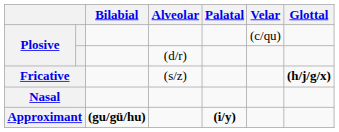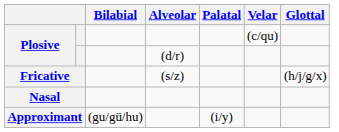 <table class="wikitable" style=text-align:center>
 <tr>
 <th colspan=2></th>
 <th><a href='#'>Bilabial</a></th>
 <th><a href='#'>Alveolar</a></th>
 <th><a href='#'>Palatal</a></th>
 <th><a href='#'>Velar</a></th>
 <th><a href='#'>Glottal</a></th>
 </tr>
 <tr>
 <th rowspan=2><a href='#'>Plosive</a></th>
 <th></th>
 <td></td>
 <td></td>
 <td></td>
 <td> (c/qu)</td>
 <td></td>
 </tr>
 <tr>
 <th></th>
 <td></td>
 <td> (d/r)</td>
 <td></td>
 <td></td>
 <td></td>
 </tr>
 <tr>
 <th colspan=2><a href='#'>Fricative</a></th>
 <td></td>
 <td> (s/z)</td>
 <td></td>
 <td></td>
-<td><strong> (h/j/g/x)</strong></td>
+<td> (h/j/g/x)</td>
 </tr>
 <tr>
 <th colspan=2><a href='#'>Nasal</a></th>
 <td></td>
 <td></td>
 <td></td>
 <td></td>
 <td></td>
 </tr>
 <tr>
 <th colspan=2><a href='#'>Approximant</a></th>
-<td><strong> (gu/gü/hu)</strong></td>
+<td> (gu/gü/hu)</td>
 <td></td>
-<td><strong> (i/y)</strong></td>
+<td> (i/y)</td>
 <td></td>
 <td></td>
 </tr>
 </table>
